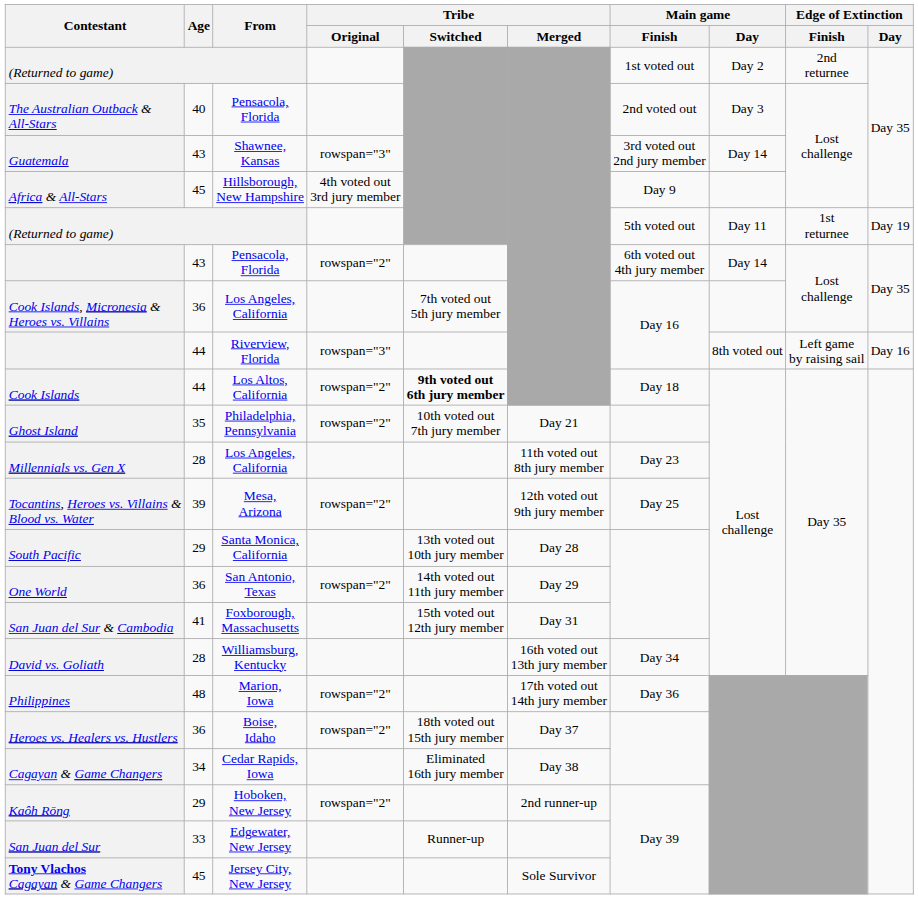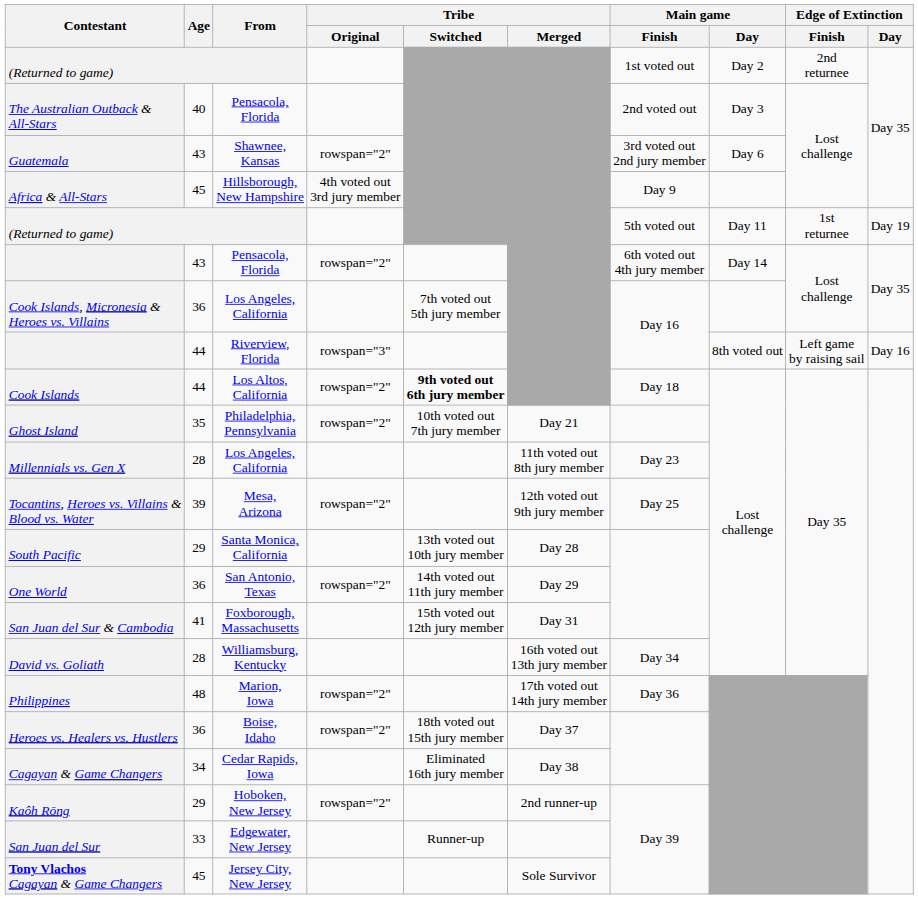 <table class="wikitable sortable" style="margin:auto; text-align:center">
 <tr>
 <th rowspan="2" scope="col">Contestant</th>
 <th rowspan="2" scope="col">Age</th>
 <th rowspan="2" scope="col" class=unsortable>From</th>
 <th colspan="3" scope="colgroup">Tribe</th>
 <th colspan="2" scope="colgroup">Main game</th>
 <th colspan="2" scope="col" class="unsortable">Edge of Extinction</th>
 </tr>
 <tr>
 <th scope="col">Original</th>
 <th scope="col">Switched</th>
 <th scope="col" class=unsortable>Merged</th>
 <th scope="col" class=unsortable>Finish</th>
 <th scope="col" class=unsortable>Day</th>
 <th scope="col" class=unsortable>Finish</th>
 <th scope="col" class=unsortable>Day</th>
 </tr>
 <tr>
 <th colspan="3" scope="row" style="text-align:left;font-weight:normal"><em></em><br><em>(Returned to game)</em></th>
 <td></td>
 <td rowspan="5" bgcolor="darkgrey"></td>
 <td rowspan="9" bgcolor="darkgrey"></td>
 <td>1st voted out<br></td>
 <td>Day 2</td>
 <td>2nd<br>returnee</td>
 <td rowspan="4">Day 35</td>
 </tr>
 <tr>
 <th scope="row" style="text-align:left;font-weight:normal"><strong></strong><br><em><a href='#'>The Australian Outback</a> &<br><u><a href='#'>All-Stars</a></u></em></th>
 <td>40</td>
 <td><a href='#'>Pensacola,<br>Florida</a></td>
 <td></td>
 <td>2nd voted out<br></td>
 <td>Day 3</td>
 <td rowspan="3">Lost<br>challenge</td>
 </tr>
 <tr>
 <th scope="row" style="text-align:left;font-weight:normal"><strong></strong><br><em><u><a href='#'>Guatemala</a></u></em></th>
 <td>43</td>
 <td><a href='#'>Shawnee,<br>Kansas</a></td>
-<td>rowspan="3" </td>
+<td>rowspan="2" </td>
 <td>3rd voted out<br>2nd jury member</td>
-<td>Day 14</td>
+<td>Day 6</td>
 </tr>
 <tr>
 <th scope="row" style="text-align:left;font-weight:normal"><strong></strong><br><em><u><a href='#'>Africa</a></u> & <a href='#'>All-Stars</a></em></th>
 <td>45</td>
 <td><a href='#'>Hillsborough,<br>New Hampshire</a></td>
 <td>4th voted out<br>3rd jury member</td>
 <td>Day 9</td>
 </tr>
 <tr>
 <th colspan="3" scope="row" style="text-align:left;font-weight:normal"><em></em><br><em>(Returned to game)</em></th>
 <td></td>
 <td>5th voted out</td>
 <td>Day 11</td>
 <td>1st<br>returnee</td>
 <td>Day 19</td>
 </tr>
 <tr>
 <th scope="row" style="text-align:left;font-weight:normal"><strong></strong><br></th>
 <td>43</td>
 <td><a href='#'>Pensacola,<br>Florida</a></td>
 <td>rowspan="2" </td>
 <td></td>
 <td>6th voted out<br>4th jury member</td>
 <td>Day 14</td>
 <td rowspan="2">Lost<br>challenge</td>
 <td rowspan="2">Day 35</td>
 </tr>
 <tr>
 <th scope="row" style="text-align:left;font-weight:normal"><strong></strong><br><em><a href='#'>Cook Islands</a>, <u><a href='#'>Micronesia</a></u> &<br><a href='#'>Heroes vs. Villains</a></em></th>
 <td>36</td>
 <td><a href='#'>Los Angeles,<br>California</a></td>
 <td></td>
 <td>7th voted out<br>5th jury member</td>
 <td rowspan="2">Day 16</td>
 </tr>
 <tr>
 <th scope="row" style="text-align:left;font-weight:normal"><strong></strong><br></th>
 <td>44</td>
 <td><a href='#'>Riverview,<br>Florida</a></td>
 <td>rowspan="3" </td>
 <td></td>
 <td>8th voted out</td>
 <td>Left game<br>by raising sail</td>
 <td>Day 16</td>
 </tr>
 <tr>
 <th scope="row" style="text-align:left;font-weight:normal"><strong></strong><br><em><u><a href='#'>Cook Islands</a></u></em></th>
 <td>44</td>
 <td><a href='#'>Los Altos,<br>California</a></td>
 <td>rowspan="2" </td>
 <td><strong>9th voted out<br>6th jury member</strong></td>
 <td>Day 18</td>
 <td rowspan="8">Lost<br>challenge</td>
 <td rowspan="8">Day 35</td>
 </tr>
 <tr>
 <th scope="row" style="text-align:left;font-weight:normal"><strong></strong><br><em><u><a href='#'>Ghost Island</a></u></em></th>
 <td>35</td>
 <td><a href='#'>Philadelphia,<br>Pennsylvania</a></td>
 <td>rowspan="2" </td>
 <td>10th voted out<br>7th jury member</td>
 <td>Day 21</td>
 </tr>
 <tr>
 <th scope="row" style="text-align:left;font-weight:normal"><strong></strong><br><em><u><a href='#'>Millennials vs. Gen X</a></u></em></th>
 <td>28</td>
 <td><a href='#'>Los Angeles,<br>California</a></td>
 <td></td>
 <td></td>
 <td>11th voted out<br>8th jury member</td>
 <td>Day 23</td>
 </tr>
 <tr>
 <th scope="row" style="text-align:left;font-weight:normal"><strong></strong><br><em><a href='#'>Tocantins</a>, <a href='#'>Heroes vs. Villains</a> &<br><u><a href='#'>Blood vs. Water</a></u></em></th>
 <td>39</td>
 <td><a href='#'>Mesa,<br>Arizona</a></td>
 <td>rowspan="2" </td>
 <td></td>
 <td>12th voted out<br>9th jury member</td>
 <td>Day 25</td>
 </tr>
 <tr>
 <th scope="row" style="text-align:left;font-weight:normal"><strong></strong><br><em><u><a href='#'>South Pacific</a></u></em></th>
 <td>29</td>
 <td><a href='#'>Santa Monica,<br>California</a></td>
 <td></td>
 <td>13th voted out<br>10th jury member</td>
 <td>Day 28</td>
 </tr>
 <tr>
 <th scope="row" style="text-align:left;font-weight:normal"><strong></strong><br><em><u><a href='#'>One World</a></u></em></th>
 <td>36</td>
 <td><a href='#'>San Antonio,<br>Texas</a></td>
 <td>rowspan="2" </td>
 <td>14th voted out<br>11th jury member</td>
 <td>Day 29</td>
 </tr>
 <tr>
 <th scope="row" style="text-align:left;font-weight:normal"><strong></strong><br><em><a href='#'>San Juan del Sur</a> & <u><a href='#'>Cambodia</a></u></em></th>
 <td>41</td>
 <td><a href='#'>Foxborough,<br>Massachusetts</a></td>
 <td></td>
 <td>15th voted out<br>12th jury member</td>
 <td>Day 31</td>
 </tr>
 <tr>
 <th scope="row" style="text-align:left;font-weight:normal"><strong></strong><br><em><u><a href='#'>David vs. Goliath</a></u></em></th>
 <td>28</td>
 <td><a href='#'>Williamsburg,<br>Kentucky</a></td>
 <td></td>
 <td></td>
 <td>16th voted out<br>13th jury member</td>
 <td>Day 34</td>
 </tr>
 <tr>
 <th scope="row" style="text-align:left;font-weight:normal"><strong></strong><br><em><u><a href='#'>Philippines</a></u></em></th>
 <td>48</td>
 <td><a href='#'>Marion,<br>Iowa</a></td>
 <td>rowspan="2" </td>
 <td></td>
 <td>17th voted out<br>14th jury member</td>
 <td>Day 36</td>
 <td colspan="2" rowspan="6" bgcolor="darkgrey"></td>
 </tr>
 <tr>
 <th scope="row" style="text-align:left;font-weight:normal"><strong></strong><br><em><u><a href='#'>Heroes vs. Healers vs. Hustlers</a></u></em></th>
 <td>36</td>
 <td><a href='#'>Boise,<br>Idaho</a></td>
 <td>rowspan="2" </td>
 <td>18th voted out<br>15th jury member</td>
 <td>Day 37</td>
 </tr>
 <tr>
 <th scope="row" style="text-align:left;font-weight:normal"><strong></strong><br><em><a href='#'>Cagayan</a> & <u><a href='#'>Game Changers</a></u></em></th>
 <td>34</td>
 <td><a href='#'>Cedar Rapids,<br>Iowa</a></td>
 <td></td>
 <td>Eliminated<br>16th jury member</td>
 <td>Day 38</td>
 </tr>
 <tr>
 <th scope="row" style="text-align:left;font-weight:normal"><strong></strong><br><em><u><a href='#'>Kaôh Rōng</a></u></em></th>
 <td>29</td>
 <td><a href='#'>Hoboken,<br>New Jersey</a></td>
 <td>rowspan="2" </td>
 <td></td>
 <td>2nd runner-up</td>
 <td rowspan="3">Day 39</td>
 </tr>
 <tr>
 <th scope="row" style="text-align:left;font-weight:normal"><strong></strong><br><em><u><a href='#'>San Juan del Sur</a></u></em></th>
 <td>33</td>
 <td><a href='#'>Edgewater,<br>New Jersey</a></td>
 <td></td>
 <td>Runner-up</td>
 </tr>
 <tr>
 <th scope="row" style="text-align:left;font-weight:normal"><strong><a href='#'>Tony Vlachos</a></strong><br><em><u><a href='#'>Cagayan</a></u> & <a href='#'>Game Changers</a></em></th>
 <td>45</td>
 <td><a href='#'>Jersey City,<br>New Jersey</a></td>
 <td></td>
 <td></td>
 <td>Sole Survivor</td>
 </tr>
 </table>
